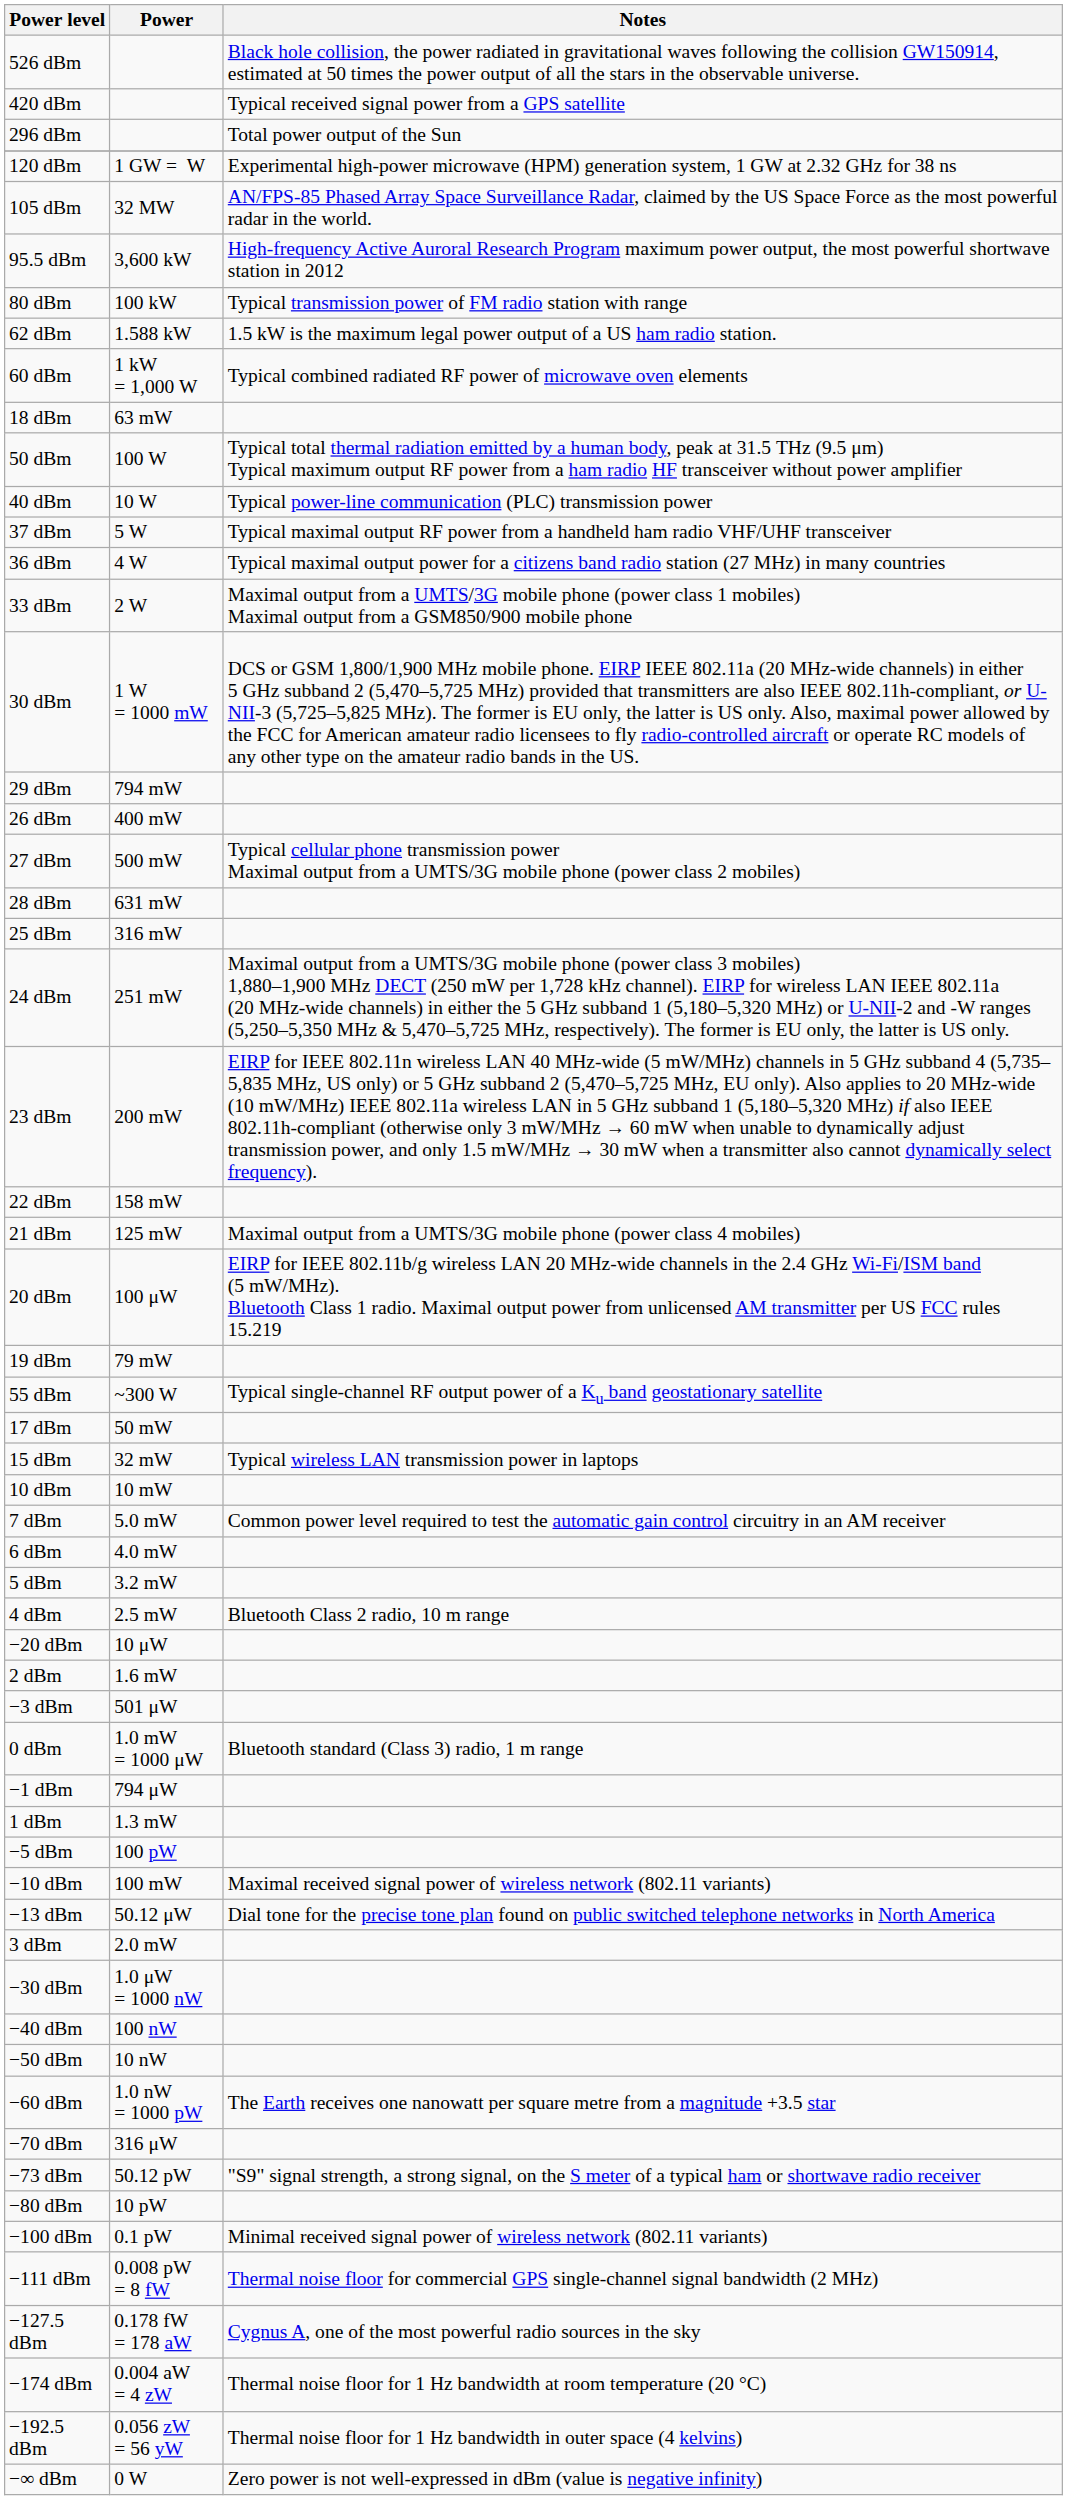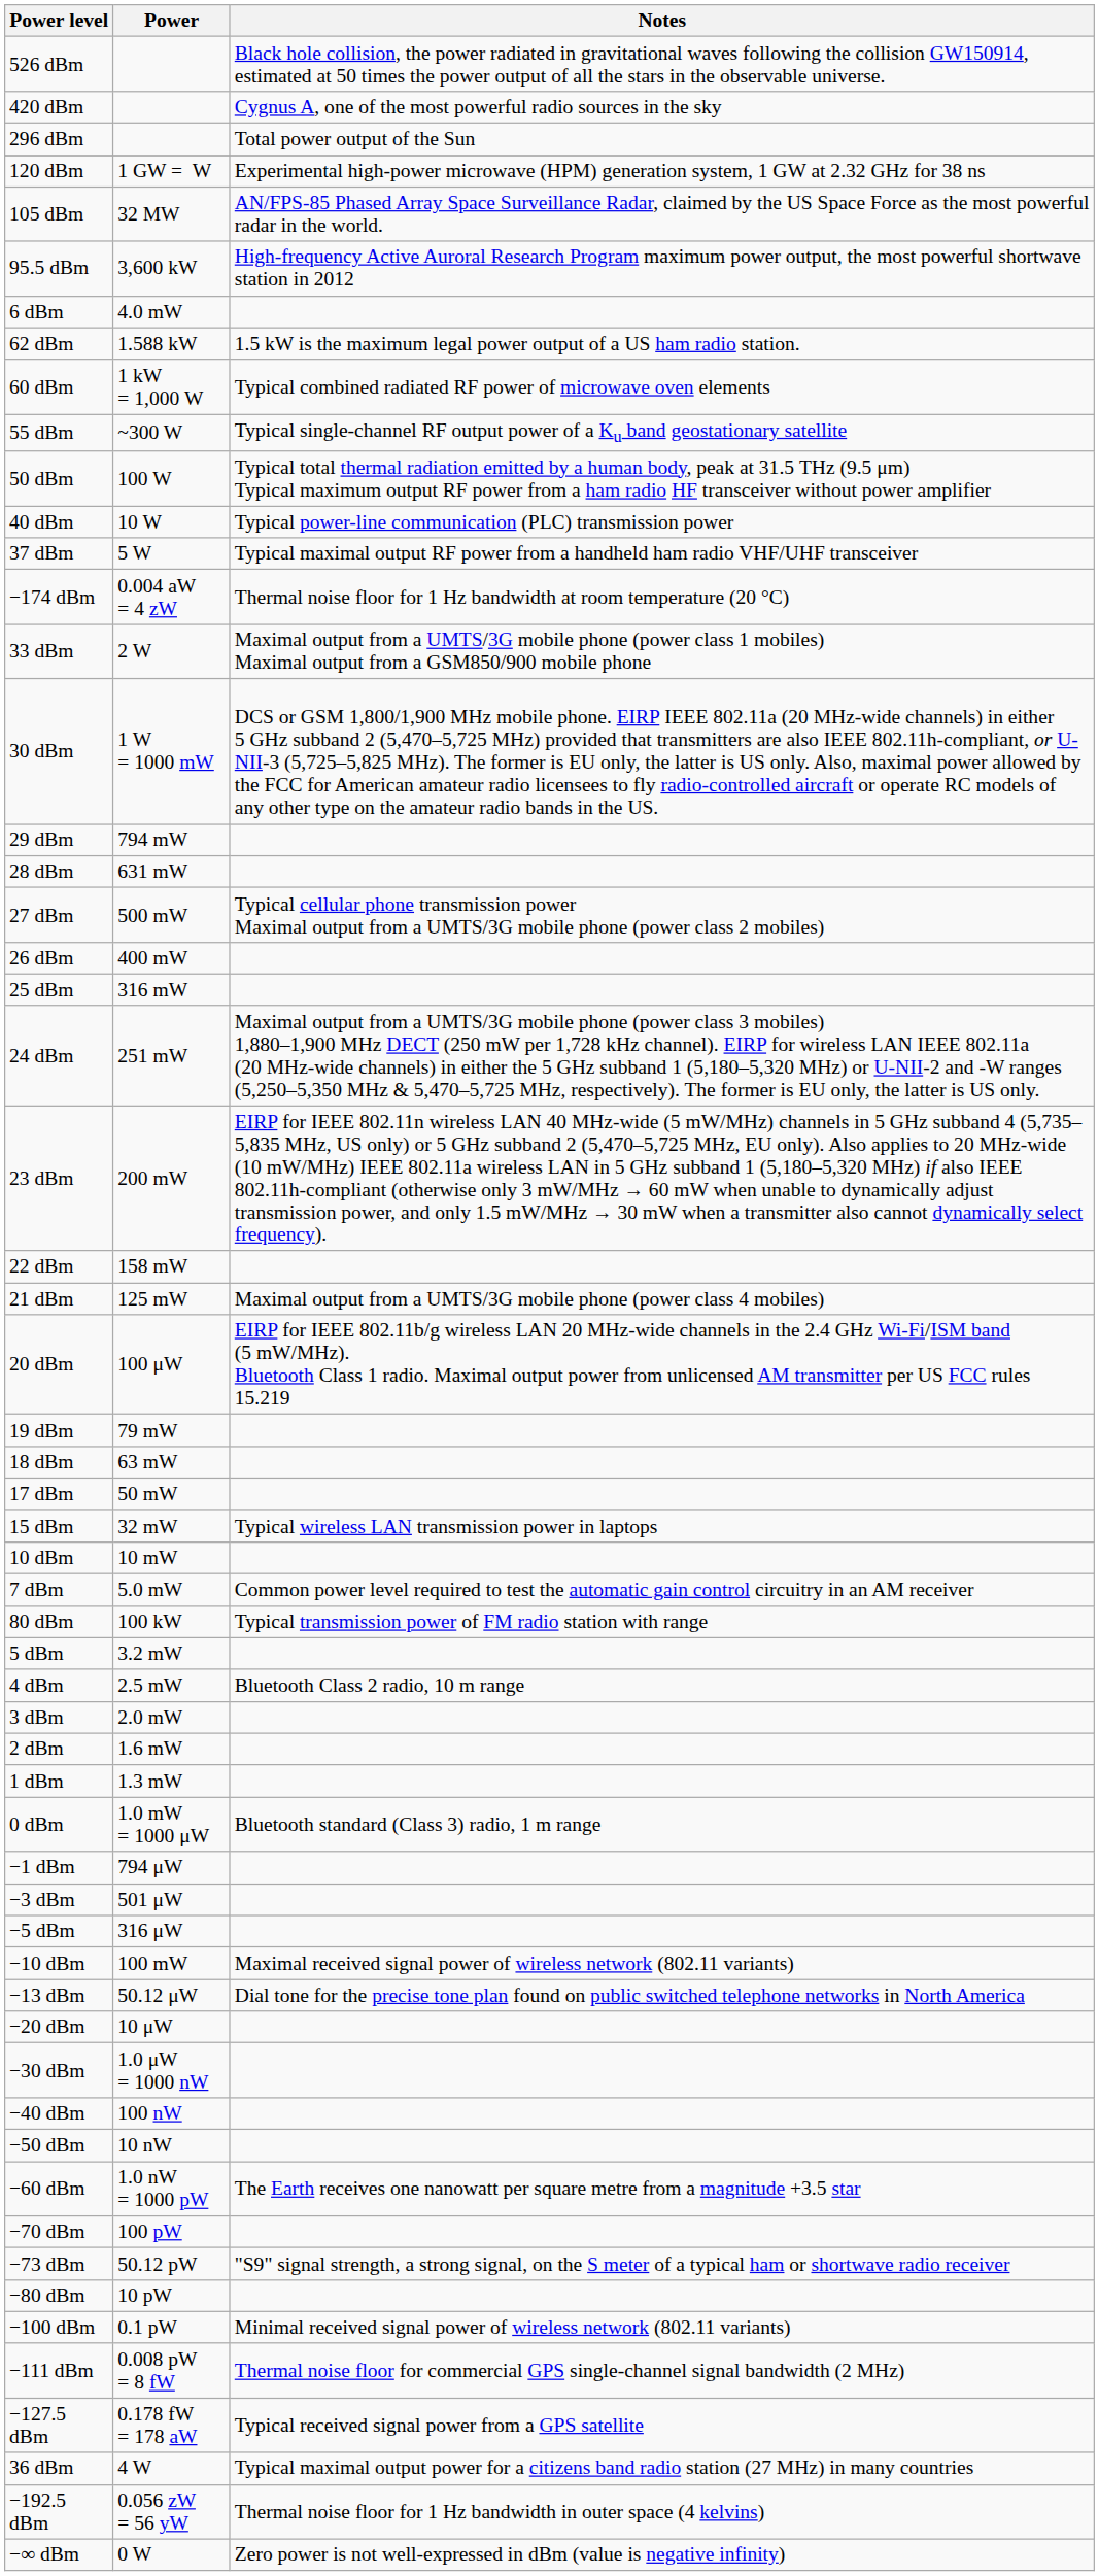 <table class="wikitable">
 <tr>
 <th>Power level</th>
 <th>Power</th>
 <th>Notes</th>
 </tr>
 <tr>
 <td>526 dBm</td>
 <td></td>
 <td><a href='#'>Black hole collision</a>, the power radiated in gravitational waves following the collision <a href='#'>GW150914</a>, estimated at 50 times the power output of all the stars in the observable universe.</td>
 </tr>
 <tr>
 <td>420 dBm</td>
 <td></td>
-<td>Typical received signal power from a <a href='#'>GPS satellite</a></td>
+<td><a href='#'>Cygnus A</a>, one of the most powerful radio sources in the sky</td>
 </tr>
 <tr>
 <td>296 dBm</td>
 <td></td>
 <td>Total power output of the Sun</td>
 </tr>
 <tr>
 </tr>
 <tr>
 <td>120 dBm</td>
 <td>1 GW =  W</td>
 <td>Experimental high-power microwave (HPM) generation system, 1 GW at 2.32 GHz for 38 ns</td>
 </tr>
 <tr>
 <td>105 dBm</td>
 <td>32 MW</td>
 <td><a href='#'>AN/FPS-85 Phased Array Space Surveillance Radar</a>, claimed by the US Space Force as the most powerful radar in the world.</td>
 </tr>
 <tr>
 <td>95.5 dBm</td>
 <td>3,600 kW</td>
 <td><a href='#'>High-frequency Active Auroral Research Program</a> maximum power output, the most powerful shortwave station in 2012</td>
 </tr>
 <tr>
-<td>80 dBm</td>
-<td>100 kW</td>
-<td>Typical <a href='#'>transmission power</a> of <a href='#'>FM radio</a> station with  range</td>
+<td>6 dBm</td>
+<td>4.0 mW</td>
+<td></td>
 </tr>
 <tr>
 <td>62 dBm</td>
 <td>1.588 kW</td>
 <td>1.5 kW is the maximum legal power output of a US <a href='#'>ham radio</a> station.</td>
 </tr>
 <tr>
 <td>60 dBm</td>
 <td>1 kW = 1,000 W</td>
 <td>Typical combined radiated RF power of <a href='#'>microwave oven</a> elements</td>
 </tr>
 <tr>
-<td>18 dBm</td>
-<td>63 mW</td>
-<td></td>
+<td>55 dBm</td>
+<td>~300 W</td>
+<td>Typical single-channel RF output power of a <a href='#'>K<sub>u</sub> band</a> <a href='#'>geostationary satellite</a></td>
 </tr>
 <tr>
 <td>50 dBm</td>
 <td>100 W</td>
 <td>Typical total <a href='#'>thermal radiation emitted by a human body</a>, peak at 31.5 THz (9.5 μm)<br>Typical maximum output RF power from a <a href='#'>ham radio</a> <a href='#'>HF</a> transceiver without power amplifier</td>
 </tr>
 <tr>
 <td>40 dBm</td>
 <td>10 W</td>
 <td>Typical <a href='#'>power-line communication</a> (PLC) transmission power</td>
 </tr>
 <tr>
 <td>37 dBm</td>
 <td>5 W</td>
 <td>Typical maximal output RF power from a handheld ham radio VHF/UHF transceiver</td>
 </tr>
 <tr>
-<td>36 dBm</td>
-<td>4 W</td>
-<td>Typical maximal output power for a <a href='#'>citizens band radio</a> station (27 MHz) in many countries</td>
+<td>−174 dBm</td>
+<td>0.004 aW = 4 <a href='#'>zW</a></td>
+<td>Thermal noise floor for 1 Hz bandwidth at room temperature (20 °C)</td>
 </tr>
 <tr>
 <td>33 dBm</td>
 <td>2 W</td>
 <td>Maximal output from a <a href='#'>UMTS</a>/<a href='#'>3G</a> mobile phone (power class 1 mobiles)<br>Maximal output from a GSM850/900 mobile phone</td>
 </tr>
 <tr>
 <td>30 dBm</td>
 <td>1 W = 1000 <a href='#'>mW</a></td>
 <td><br>DCS or GSM 1,800/1,900 MHz mobile phone. <a href='#'>EIRP</a> IEEE 802.11a (20 MHz-wide channels) in either 5 GHz subband 2 (5,470–5,725 MHz) provided that transmitters are also IEEE 802.11h-compliant, <em>or</em> <a href='#'>U-NII</a>-3 (5,725–5,825 MHz). The former is EU only, the latter is US only. Also, maximal power allowed by the FCC for American amateur radio licensees to fly <a href='#'>radio-controlled aircraft</a> or operate RC models of any other type on the amateur radio bands in the US.</td>
 </tr>
 <tr>
 <td>29 dBm</td>
 <td>794 mW</td>
 <td></td>
 </tr>
 <tr>
-<td>26 dBm</td>
-<td>400 mW</td>
+<td>28 dBm</td>
+<td>631 mW</td>
 <td></td>
 </tr>
 <tr>
 <td>27 dBm</td>
 <td>500 mW</td>
 <td>Typical <a href='#'>cellular phone</a> transmission power<br>Maximal output from a UMTS/3G mobile phone (power class 2 mobiles)</td>
 </tr>
 <tr>
-<td>28 dBm</td>
-<td>631 mW</td>
+<td>26 dBm</td>
+<td>400 mW</td>
 <td></td>
 </tr>
 <tr>
 <td>25 dBm</td>
 <td>316 mW</td>
 <td></td>
 </tr>
 <tr>
 <td>24 dBm</td>
 <td>251 mW</td>
 <td>Maximal output from a UMTS/3G mobile phone (power class 3 mobiles)<br>1,880–1,900 MHz <a href='#'>DECT</a> (250 mW per 1,728 kHz channel). <a href='#'>EIRP</a> for wireless LAN IEEE 802.11a (20 MHz-wide channels) in either the 5 GHz subband 1 (5,180–5,320 MHz) or <a href='#'>U-NII</a>-2 and -W ranges (5,250–5,350 MHz & 5,470–5,725 MHz, respectively). The former is EU only, the latter is US only.</td>
 </tr>
 <tr>
 <td>23 dBm</td>
 <td>200 mW</td>
 <td><a href='#'>EIRP</a> for IEEE 802.11n wireless LAN 40 MHz-wide (5 mW/MHz) channels in 5 GHz subband 4 (5,735–5,835 MHz, US only) or 5 GHz subband 2 (5,470–5,725 MHz, EU only). Also applies to 20 MHz-wide (10 mW/MHz) IEEE 802.11a wireless LAN in 5 GHz subband 1 (5,180–5,320 MHz) <em>if</em> also IEEE 802.11h-compliant (otherwise only 3 mW/MHz → 60 mW when unable to dynamically adjust transmission power, and only 1.5 mW/MHz → 30 mW when a transmitter also cannot <a href='#'>dynamically select frequency</a>).</td>
 </tr>
 <tr>
 <td>22 dBm</td>
 <td>158 mW</td>
 <td></td>
 </tr>
 <tr>
 <td>21 dBm</td>
 <td>125 mW</td>
 <td>Maximal output from a UMTS/3G mobile phone (power class 4 mobiles)</td>
 </tr>
 <tr>
 <td>20 dBm</td>
 <td>100 μW</td>
 <td><a href='#'>EIRP</a> for IEEE 802.11b/g wireless LAN 20 MHz-wide channels in the 2.4 GHz <a href='#'>Wi-Fi</a>/<a href='#'>ISM band</a> (5 mW/MHz).<br><a href='#'>Bluetooth</a> Class 1 radio. Maximal output power from unlicensed <a href='#'>AM transmitter</a> per US <a href='#'>FCC</a> rules 15.219</td>
 </tr>
 <tr>
 <td>19 dBm</td>
 <td>79 mW</td>
 <td></td>
 </tr>
 <tr>
-<td>55 dBm</td>
-<td>~300 W</td>
-<td>Typical single-channel RF output power of a <a href='#'>K<sub>u</sub> band</a> <a href='#'>geostationary satellite</a></td>
+<td>18 dBm</td>
+<td>63 mW</td>
+<td></td>
 </tr>
 <tr>
 <td>17 dBm</td>
 <td>50 mW</td>
 <td></td>
 </tr>
 <tr>
 <td>15 dBm</td>
 <td>32 mW</td>
 <td>Typical <a href='#'>wireless LAN</a> transmission power in laptops</td>
 </tr>
 <tr>
 <td>10 dBm</td>
 <td>10 mW</td>
 <td></td>
 </tr>
 <tr>
 <td>7 dBm</td>
 <td>5.0 mW</td>
 <td>Common power level required to test the <a href='#'>automatic gain control</a> circuitry in an AM receiver</td>
 </tr>
 <tr>
-<td>6 dBm</td>
-<td>4.0 mW</td>
-<td></td>
+<td>80 dBm</td>
+<td>100 kW</td>
+<td>Typical <a href='#'>transmission power</a> of <a href='#'>FM radio</a> station with  range</td>
 </tr>
 <tr>
 <td>5 dBm</td>
 <td>3.2 mW</td>
 <td></td>
 </tr>
 <tr>
 <td>4 dBm</td>
 <td>2.5 mW</td>
 <td>Bluetooth Class 2 radio, 10 m range</td>
 </tr>
 <tr>
-<td>−20 dBm</td>
-<td>10 μW</td>
+<td>3 dBm</td>
+<td>2.0 mW</td>
 <td></td>
 </tr>
 <tr>
 <td>2 dBm</td>
 <td>1.6 mW</td>
 <td></td>
 </tr>
 <tr>
-<td>−3 dBm</td>
-<td>501 μW</td>
+<td>1 dBm</td>
+<td>1.3 mW</td>
 <td></td>
 </tr>
 <tr>
 <td>0 dBm</td>
 <td>1.0 mW = 1000 μW</td>
 <td>Bluetooth standard (Class 3) radio, 1 m range</td>
 </tr>
 <tr>
 <td>−1 dBm</td>
 <td>794 μW</td>
 <td></td>
 </tr>
 <tr>
-<td>1 dBm</td>
-<td>1.3 mW</td>
+<td>−3 dBm</td>
+<td>501 μW</td>
 <td></td>
 </tr>
 <tr>
 <td>−5 dBm</td>
-<td>100 <a href='#'>pW</a></td>
+<td>316 μW</td>
 <td></td>
 </tr>
 <tr>
 <td>−10 dBm</td>
 <td>100 mW</td>
 <td>Maximal received signal power of <a href='#'>wireless network</a> (802.11 variants)</td>
 </tr>
 <tr>
 <td>−13 dBm</td>
 <td>50.12 μW</td>
 <td>Dial tone for the <a href='#'>precise tone plan</a> found on <a href='#'>public switched telephone networks</a> in <a href='#'>North America</a></td>
 </tr>
 <tr>
-<td>3 dBm</td>
-<td>2.0 mW</td>
+<td>−20 dBm</td>
+<td>10 μW</td>
 <td></td>
 </tr>
 <tr>
 <td>−30 dBm</td>
 <td>1.0 μW = 1000 <a href='#'>nW</a></td>
 <td></td>
 </tr>
 <tr>
 <td>−40 dBm</td>
 <td>100 <a href='#'>nW</a></td>
 <td></td>
 </tr>
 <tr>
 <td>−50 dBm</td>
 <td>10 nW</td>
 <td></td>
 </tr>
 <tr>
 <td>−60 dBm</td>
 <td>1.0 nW = 1000 <a href='#'>pW</a></td>
 <td>The <a href='#'>Earth</a> receives one nanowatt per square metre from a <a href='#'>magnitude</a> +3.5 <a href='#'>star</a></td>
 </tr>
 <tr>
 <td>−70 dBm</td>
-<td>316 μW</td>
+<td>100 <a href='#'>pW</a></td>
 <td></td>
 </tr>
 <tr>
 <td>−73 dBm</td>
 <td>50.12 pW</td>
 <td>"S9" signal strength, a strong signal, on the <a href='#'>S meter</a> of a typical <a href='#'>ham</a> or <a href='#'>shortwave radio receiver</a></td>
 </tr>
 <tr>
 <td>−80 dBm</td>
 <td>10 pW</td>
 <td></td>
 </tr>
 <tr>
 <td>−100 dBm</td>
 <td>0.1 pW</td>
 <td>Minimal received signal power of <a href='#'>wireless network</a> (802.11 variants)</td>
 </tr>
 <tr>
 <td>−111 dBm</td>
 <td>0.008 pW = 8 <a href='#'>fW</a></td>
 <td><a href='#'>Thermal noise floor</a> for commercial <a href='#'>GPS</a> single-channel signal bandwidth (2 MHz)</td>
 </tr>
 <tr>
 <td>−127.5 dBm</td>
 <td>0.178 fW = 178 <a href='#'>aW</a></td>
-<td><a href='#'>Cygnus A</a>, one of the most powerful radio sources in the sky</td>
+<td>Typical received signal power from a <a href='#'>GPS satellite</a></td>
 </tr>
 <tr>
-<td>−174 dBm</td>
-<td>0.004 aW = 4 <a href='#'>zW</a></td>
-<td>Thermal noise floor for 1 Hz bandwidth at room temperature (20 °C)</td>
+<td>36 dBm</td>
+<td>4 W</td>
+<td>Typical maximal output power for a <a href='#'>citizens band radio</a> station (27 MHz) in many countries</td>
 </tr>
 <tr>
 <td>−192.5 dBm</td>
 <td>0.056 <a href='#'>zW</a> = 56 <a href='#'>yW</a></td>
 <td>Thermal noise floor for 1 Hz bandwidth in outer space (4 <a href='#'>kelvins</a>)</td>
 </tr>
 <tr>
 <td>−∞ dBm</td>
 <td>0 W</td>
 <td>Zero power is not well-expressed in dBm (value is <a href='#'>negative infinity</a>)</td>
 </tr>
 </table>
